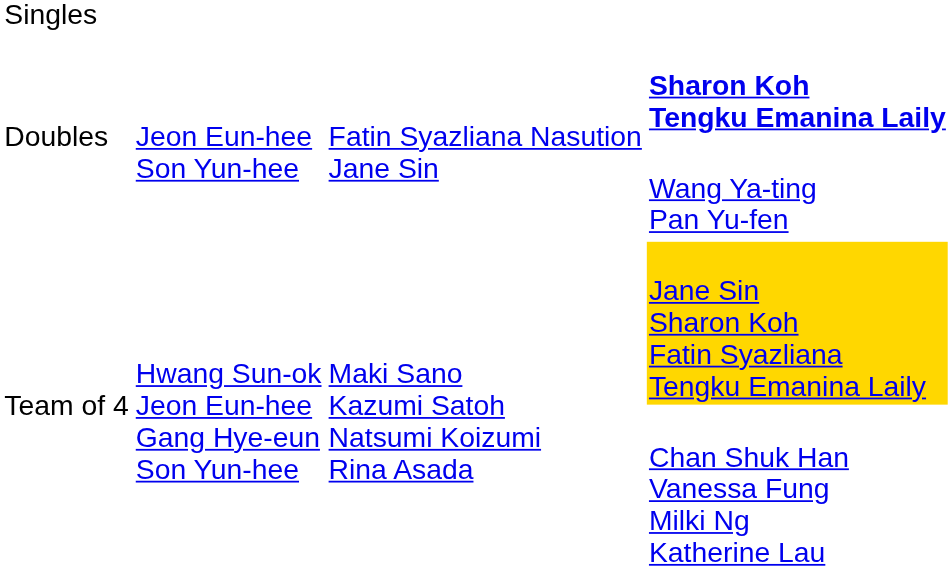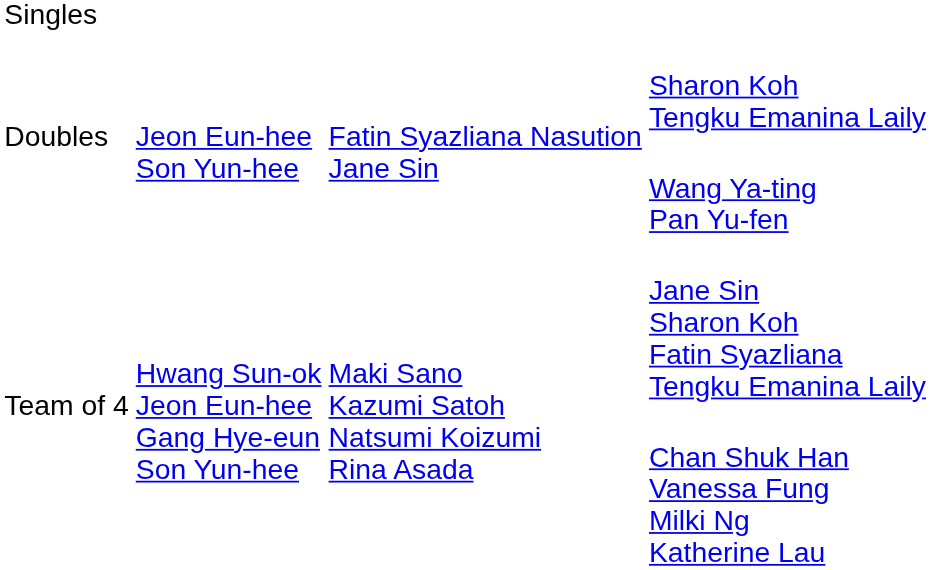 <table>
 <tr>
 <td rowspan=2>Singles</td>
 <td rowspan=2></td>
 <td rowspan=2></td>
 <td></td>
 </tr>
 <tr>
 <td></td>
 </tr>
 <tr>
 <td rowspan=2>Doubles</td>
 <td rowspan=2><br><a href='#'>Jeon Eun-hee</a><br><a href='#'>Son Yun-hee</a></td>
 <td rowspan=2><br><a href='#'>Fatin Syazliana Nasution</a><br><a href='#'>Jane Sin</a></td>
-<td><strong><br><a href='#'>Sharon Koh</a><br><a href='#'>Tengku Emanina Laily</a></strong></td>
+<td><br><a href='#'>Sharon Koh</a><br><a href='#'>Tengku Emanina Laily</a></td>
 </tr>
 <tr>
 <td><br><a href='#'>Wang Ya-ting</a><br><a href='#'>Pan Yu-fen</a></td>
 </tr>
 <tr>
 <td rowspan=2>Team of 4</td>
 <td rowspan=2><br><a href='#'>Hwang Sun-ok</a><br><a href='#'>Jeon Eun-hee</a><br><a href='#'>Gang Hye-eun</a><br><a href='#'>Son Yun-hee</a></td>
 <td rowspan=2><br><a href='#'>Maki Sano</a><br><a href='#'>Kazumi Satoh</a><br><a href='#'>Natsumi Koizumi</a><br><a href='#'>Rina Asada</a></td>
-<td style="background: gold;"><br><a href='#'>Jane Sin</a><br><a href='#'>Sharon Koh</a><br><a href='#'>Fatin Syazliana</a><br><a href='#'>Tengku Emanina Laily</a></td>
+<td><br><a href='#'>Jane Sin</a><br><a href='#'>Sharon Koh</a><br><a href='#'>Fatin Syazliana</a><br><a href='#'>Tengku Emanina Laily</a></td>
 </tr>
 <tr>
 <td><br><a href='#'>Chan Shuk Han</a><br><a href='#'>Vanessa Fung</a><br><a href='#'>Milki Ng</a><br><a href='#'>Katherine Lau</a></td>
 </tr>
 </table>
